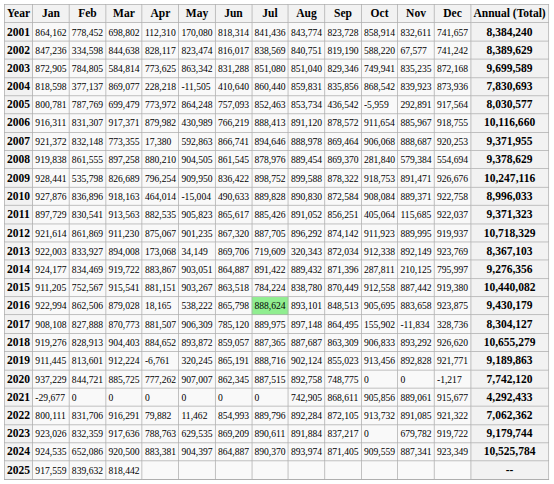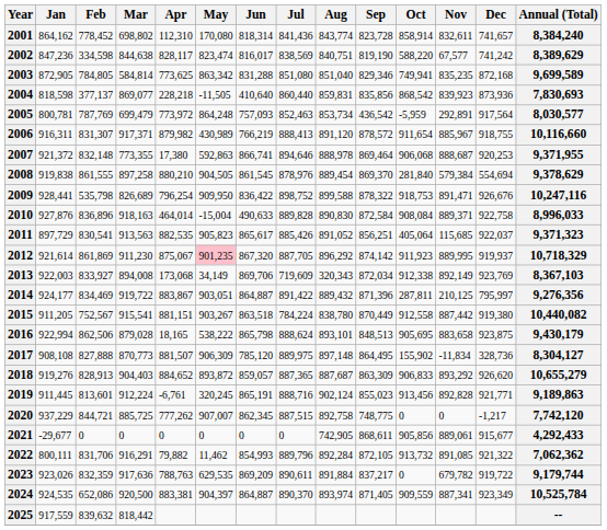 <table class="wikitable">
 <tr>
 <th>Year</th>
 <th>Jan</th>
 <th>Feb</th>
 <th>Mar</th>
 <th>Apr</th>
 <th>May</th>
 <th>Jun</th>
 <th>Jul</th>
 <th>Aug</th>
 <th>Sep</th>
 <th>Oct</th>
 <th>Nov</th>
 <th>Dec</th>
 <th>Annual (Total)</th>
 </tr>
 <tr>
 <th>2001</th>
 <td><small>864,162</small></td>
 <td><small>778,452</small></td>
 <td><small>698,802</small></td>
 <td><small>112,310</small></td>
 <td><small>170,080</small></td>
 <td><small>818,314</small></td>
 <td><small>841,436</small></td>
 <td><small>843,774</small></td>
 <td><small>823,728</small></td>
 <td><small>858,914</small></td>
 <td><small>832,611</small></td>
 <td><small>741,657</small></td>
 <th>8,384,240</th>
 </tr>
 <tr>
 <th>2002</th>
 <td><small>847,236</small></td>
 <td><small>334,598</small></td>
 <td><small>844,638</small></td>
 <td><small>828,117</small></td>
 <td><small>823,474</small></td>
 <td><small>816,017</small></td>
 <td><small>838,569</small></td>
 <td><small>840,751</small></td>
 <td><small>819,190</small></td>
 <td><small>588,220</small></td>
 <td><small>67,577</small></td>
 <td><small>741,242</small></td>
 <th>8,389,629</th>
 </tr>
 <tr>
 <th>2003</th>
 <td><small>872,905</small></td>
 <td><small>784,805</small></td>
 <td><small>584,814</small></td>
 <td><small>773,625</small></td>
 <td><small>863,342</small></td>
 <td><small>831,288</small></td>
 <td><small>851,080</small></td>
 <td><small>851,040</small></td>
 <td><small>829,346</small></td>
 <td><small>749,941</small></td>
 <td><small>835,235</small></td>
 <td><small>872,168</small></td>
 <th>9,699,589</th>
 </tr>
 <tr>
 <th>2004</th>
 <td><small>818,598</small></td>
 <td><small>377,137</small></td>
 <td><small>869,077</small></td>
 <td><small>228,218</small></td>
 <td><small>-11,505</small></td>
 <td><small>410,640</small></td>
 <td><small>860,440</small></td>
 <td><small>859,831</small></td>
 <td><small>835,856</small></td>
 <td><small>868,542</small></td>
 <td><small>839,923</small></td>
 <td><small>873,936</small></td>
 <th>7,830,693</th>
 </tr>
 <tr>
 <th>2005</th>
 <td><small>800,781</small></td>
 <td><small>787,769</small></td>
 <td><small>699,479</small></td>
 <td><small>773,972</small></td>
 <td><small>864,248</small></td>
 <td><small>757,093</small></td>
 <td><small>852,463</small></td>
 <td><small>853,734</small></td>
 <td><small>436,542</small></td>
 <td><small>-5,959</small></td>
 <td><small>292,891</small></td>
 <td><small>917,564</small></td>
 <th>8,030,577</th>
 </tr>
 <tr>
 <th>2006</th>
 <td><small>916,311</small></td>
 <td><small>831,307</small></td>
 <td><small>917,371</small></td>
 <td><small>879,982</small></td>
 <td><small>430,989</small></td>
 <td><small>766,219</small></td>
 <td><small>888,413</small></td>
 <td><small>891,120</small></td>
 <td><small>878,572</small></td>
 <td><small>911,654</small></td>
 <td><small>885,967</small></td>
 <td><small>918,755</small></td>
 <th>10,116,660</th>
 </tr>
 <tr>
 <th>2007</th>
 <td><small>921,372</small></td>
 <td><small>832,148</small></td>
 <td><small>773,355</small></td>
 <td><small>17,380</small></td>
 <td><small>592,863</small></td>
 <td><small>866,741</small></td>
 <td><small>894,646</small></td>
 <td><small>888,978</small></td>
 <td><small>869,464</small></td>
 <td><small>906,068</small></td>
 <td><small>888,687</small></td>
 <td><small>920,253</small></td>
 <th>9,371,955</th>
 </tr>
 <tr>
 <th>2008</th>
 <td><small>919,838</small></td>
 <td><small>861,555</small></td>
 <td><small>897,258</small></td>
 <td><small>880,210</small></td>
 <td><small>904,505</small></td>
 <td><small>861,545</small></td>
 <td><small>878,976</small></td>
 <td><small>889,454</small></td>
 <td><small>869,370</small></td>
 <td><small>281,840</small></td>
 <td><small>579,384</small></td>
 <td><small>554,694</small></td>
 <th>9,378,629</th>
 </tr>
 <tr>
 <th>2009</th>
 <td><small>928,441</small></td>
 <td><small>535,798</small></td>
 <td><small>826,689</small></td>
 <td><small>796,254</small></td>
 <td><small>909,950</small></td>
 <td><small>836,422</small></td>
 <td><small>898,752</small></td>
 <td><small>899,588</small></td>
 <td><small>878,322</small></td>
 <td><small>918,753</small></td>
 <td><small>891,471</small></td>
 <td><small>926,676</small></td>
 <th>10,247,116</th>
 </tr>
 <tr>
 <th>2010</th>
 <td><small>927,876</small></td>
 <td><small>836,896</small></td>
 <td><small>918,163</small></td>
 <td><small>464,014</small></td>
 <td><small>-15,004</small></td>
 <td><small>490,633</small></td>
 <td><small>889,828</small></td>
 <td><small>890,830</small></td>
 <td><small>872,584</small></td>
 <td><small>908,084</small></td>
 <td><small>889,371</small></td>
 <td><small>922,758</small></td>
 <th>8,996,033</th>
 </tr>
 <tr>
 <th>2011</th>
 <td><small>897,729</small></td>
 <td><small>830,541</small></td>
 <td><small>913,563</small></td>
 <td><small>882,535</small></td>
 <td><small>905,823</small></td>
 <td><small>865,617</small></td>
 <td><small>885,426</small></td>
 <td><small>891,052</small></td>
 <td><small>856,251</small></td>
 <td><small>405,064</small></td>
 <td><small>115,685</small></td>
 <td><small>922,037</small></td>
 <th>9,371,323</th>
 </tr>
 <tr>
 <th>2012</th>
 <td><small>921,614</small></td>
 <td><small>861,869</small></td>
 <td><small>911,230</small></td>
 <td><small>875,067</small></td>
-<td><small>901,235</small></td>
+<td style="background: pink;"><small>901,235</small></td>
 <td><small>867,320</small></td>
 <td><small>887,705</small></td>
 <td><small>896,292</small></td>
 <td><small>874,142</small></td>
 <td><small>911,923</small></td>
 <td><small>889,995</small></td>
 <td><small>919,937</small></td>
 <th>10,718,329</th>
 </tr>
 <tr>
 <th>2013</th>
 <td><small>922,003</small></td>
 <td><small>833,927</small></td>
 <td><small>894,008</small></td>
 <td><small>173,068</small></td>
 <td><small>34,149</small></td>
 <td><small>869,706</small></td>
 <td><small>719,609</small></td>
 <td><small>320,343</small></td>
 <td><small>872,034</small></td>
 <td><small>912,338</small></td>
 <td><small>892,149</small></td>
 <td><small>923,769</small></td>
 <th>8,367,103</th>
 </tr>
 <tr>
 <th>2014</th>
 <td><small>924,177</small></td>
 <td><small>834,469</small></td>
 <td><small>919,722</small></td>
 <td><small>883,867</small></td>
 <td><small>903,051</small></td>
 <td><small>864,887</small></td>
 <td><small>891,422</small></td>
 <td><small>889,432</small></td>
 <td><small>871,396</small></td>
 <td><small>287,811</small></td>
 <td><small>210,125</small></td>
 <td><small>795,997</small></td>
 <th>9,276,356</th>
 </tr>
 <tr>
 <th>2015</th>
 <td><small>911,205</small></td>
 <td><small>752,567</small></td>
 <td><small>915,541</small></td>
 <td><small>881,151</small></td>
 <td><small>903,267</small></td>
 <td><small>863,518</small></td>
 <td><small>784,224</small></td>
 <td><small>838,780</small></td>
 <td><small>870,449</small></td>
 <td><small>912,558</small></td>
 <td><small>887,442</small></td>
 <td><small>919,380</small></td>
 <th>10,440,082</th>
 </tr>
 <tr>
 <th>2016</th>
 <td><small>922,994</small></td>
 <td><small>862,506</small></td>
 <td><small>879,028</small></td>
 <td><small>18,165</small></td>
 <td><small>538,222</small></td>
 <td><small>865,798</small></td>
-<td style="background: lightgreen;"><small>888,624</small></td>
+<td><small>888,624</small></td>
 <td><small>893,101</small></td>
 <td><small>848,513</small></td>
 <td><small>905,695</small></td>
 <td><small>883,658</small></td>
 <td><small>923,875</small></td>
 <th>9,430,179</th>
 </tr>
 <tr>
 <th>2017</th>
 <td><small>908,108</small></td>
 <td><small>827,888</small></td>
 <td><small>870,773</small></td>
 <td><small>881,507</small></td>
 <td><small>906,309</small></td>
 <td><small>785,120</small></td>
 <td><small>889,975</small></td>
 <td><small>897,148</small></td>
 <td><small>864,495</small></td>
 <td><small>155,902</small></td>
 <td><small>-11,834</small></td>
 <td><small>328,736</small></td>
 <th>8,304,127</th>
 </tr>
 <tr>
 <th>2018</th>
 <td><small>919,276</small></td>
 <td><small>828,913</small></td>
 <td><small>904,403</small></td>
 <td><small>884,652</small></td>
 <td><small>893,872</small></td>
 <td><small>859,057</small></td>
 <td><small>887,365</small></td>
 <td><small>887,687</small></td>
 <td><small>863,309</small></td>
 <td><small>906,833</small></td>
 <td><small>893,292</small></td>
 <td><small>926,620</small></td>
 <th>10,655,279</th>
 </tr>
 <tr>
 <th>2019</th>
 <td><small>911,445</small></td>
 <td><small>813,601</small></td>
 <td><small>912,224</small></td>
 <td><small>-6,761</small></td>
 <td><small>320,245</small></td>
 <td><small>865,191</small></td>
 <td><small>888,716</small></td>
 <td><small>902,124</small></td>
 <td><small>855,023</small></td>
 <td><small>913,456</small></td>
 <td><small>892,828</small></td>
 <td><small>921,771</small></td>
 <th>9,189,863</th>
 </tr>
 <tr>
 <th>2020</th>
 <td><small>937,229</small></td>
 <td><small>844,721</small></td>
 <td><small>885,725</small></td>
 <td><small>777,262</small></td>
 <td><small>907,007</small></td>
 <td><small>862,345</small></td>
 <td><small>887,515</small></td>
 <td><small>892,758</small></td>
 <td><small>748,775</small></td>
 <td><small>0</small></td>
 <td><small>0</small></td>
 <td><small>-1,217</small></td>
 <th>7,742,120</th>
 </tr>
 <tr>
 <th>2021</th>
 <td><small>-29,677</small></td>
 <td><small>0</small></td>
 <td><small>0</small></td>
 <td><small>0</small></td>
 <td><small>0</small></td>
 <td><small>0</small></td>
 <td><small>0</small></td>
 <td><small>742,905</small></td>
 <td><small>868,611</small></td>
 <td><small>905,856</small></td>
 <td><small>889,061</small></td>
 <td><small>915,677</small></td>
 <th>4,292,433</th>
 </tr>
 <tr>
 <th>2022</th>
 <td><small>800,111</small></td>
 <td><small>831,706</small></td>
 <td><small>916,291</small></td>
 <td><small>79,882</small></td>
 <td><small>11,462</small></td>
 <td><small>854,993</small></td>
 <td><small>889,796</small></td>
 <td><small>892,284</small></td>
 <td><small>872,105</small></td>
 <td><small>913,732</small></td>
 <td><small>891,085</small></td>
 <td><small>921,322</small></td>
 <th>7,062,362</th>
 </tr>
 <tr>
 <th>2023</th>
 <td><small>923,026</small></td>
 <td><small>832,359</small></td>
 <td><small>917,636</small></td>
 <td><small>788,763</small></td>
 <td><small>629,535</small></td>
 <td><small>869,209</small></td>
 <td><small>890,611</small></td>
 <td><small>891,884</small></td>
 <td><small>837,217</small></td>
 <td><small>0</small></td>
 <td><small>679,782</small></td>
 <td><small>919,722</small></td>
 <th>9,179,744</th>
 </tr>
 <tr>
 <th>2024</th>
 <td><small>924,535</small></td>
 <td><small>652,086</small></td>
 <td><small>920,500</small></td>
 <td><small>883,381</small></td>
 <td><small>904,397</small></td>
 <td><small>864,887</small></td>
 <td><small>890,370</small></td>
 <td><small>893,974</small></td>
 <td><small>871,405</small></td>
 <td><small>909,559</small></td>
 <td><small>887,341</small></td>
 <td><small>923,349</small></td>
 <th>10,525,784</th>
 </tr>
 <tr>
 <th>2025</th>
 <td><small>917,559</small></td>
 <td><small>839,632</small></td>
 <td><small>818,442</small></td>
 <td><small></small></td>
 <td><small></small></td>
 <td><small></small></td>
 <td><small></small></td>
 <td><small></small></td>
 <td><small></small></td>
 <td><small></small></td>
 <td><small></small></td>
 <td><small></small></td>
 <th>--</th>
 </tr>
 <tr>
 </tr>
 </table>
